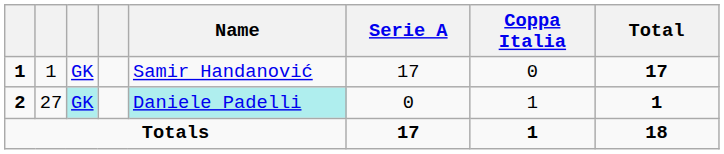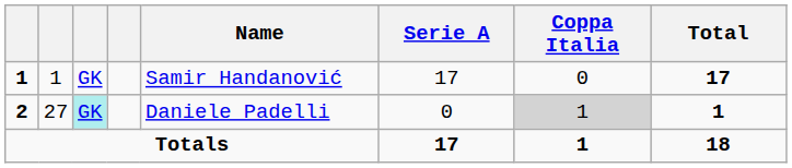 <table class="wikitable" style="text-align:center">
 <tr>
 <th width=15></th>
 <th width=15></th>
 <th width=15></th>
 <th width=15></th>
 <th width=145>Name</th>
 <th width=80><strong><a href='#'>Serie A</a></strong></th>
 <th width=80><strong><a href='#'>Coppa Italia</a></strong></th>
 <th width=80>Total</th>
 </tr>
 <tr>
 <td><strong>1</strong></td>
 <td>1</td>
 <td><a href='#'>GK</a></td>
 <td></td>
 <td align=left><a href='#'>Samir Handanović</a></td>
 <td>17</td>
 <td>0</td>
 <td><strong>17</strong></td>
 </tr>
 <tr>
 <td><strong>2</strong></td>
 <td>27</td>
 <td style="background: paleturquoise;"><a href='#'>GK</a></td>
 <td></td>
-<td align=left style="background: paleturquoise;"><a href='#'>Daniele Padelli</a></td>
+<td align=left><a href='#'>Daniele Padelli</a></td>
 <td>0</td>
-<td>1</td>
+<td style="background: lightgrey;">1</td>
 <td><strong>1</strong></td>
 </tr>
 <tr>
 <td colspan=5><strong>Totals</strong></td>
 <td><strong>17</strong></td>
 <td><strong>1</strong></td>
 <td><strong>18</strong></td>
 </tr>
 </table>
